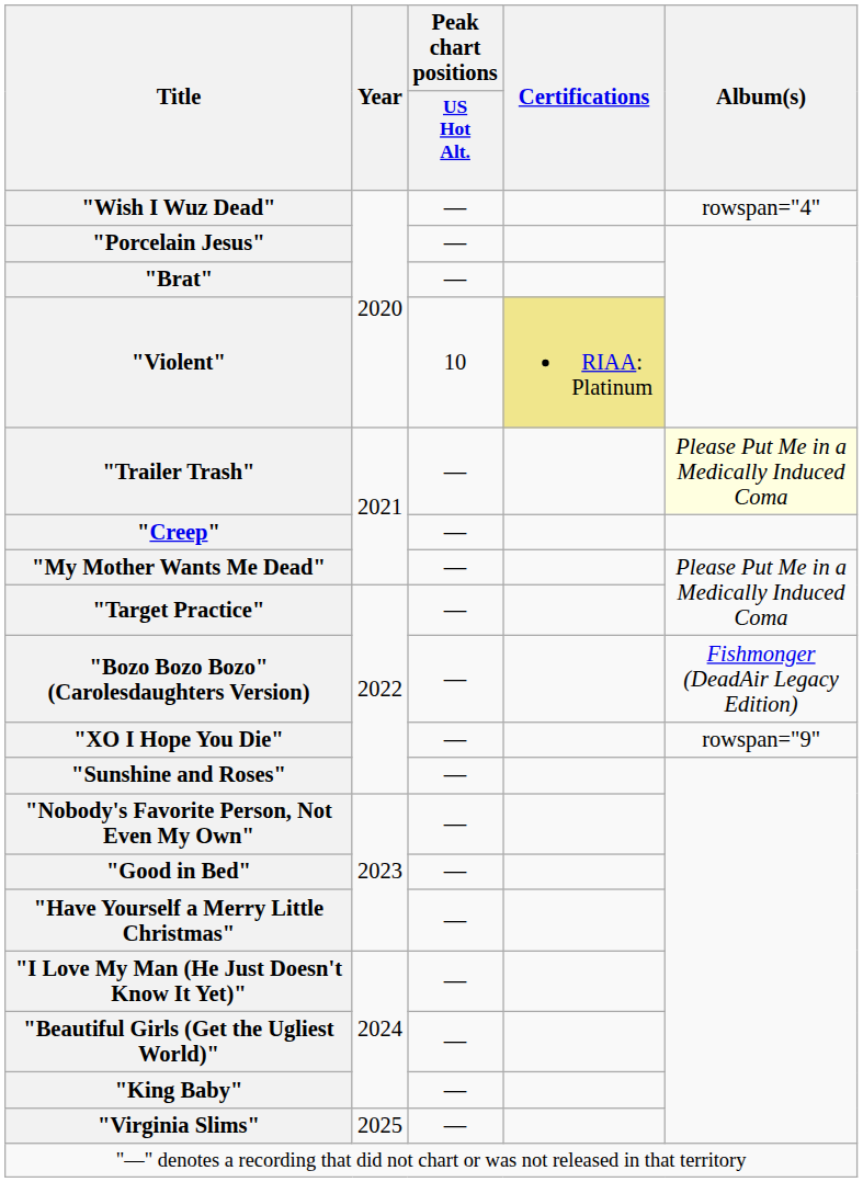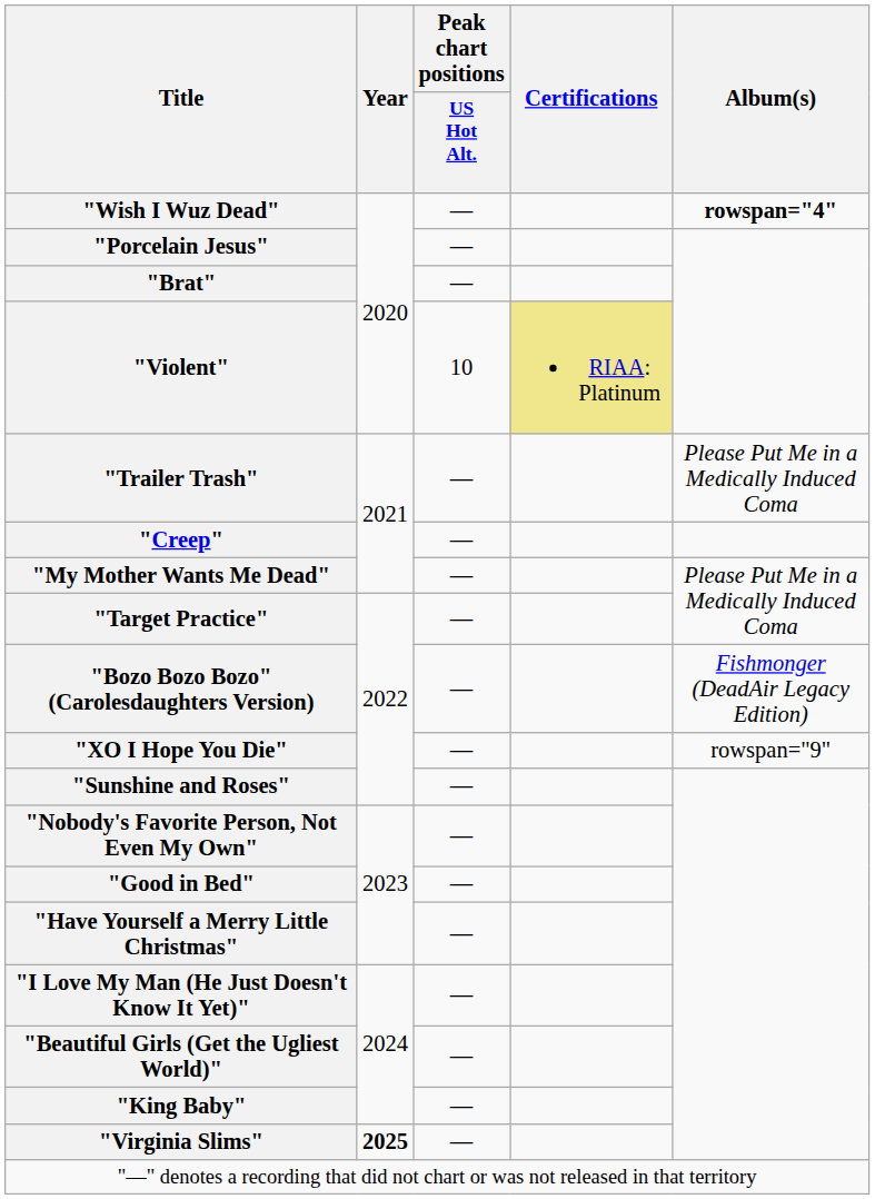 <table class="wikitable plainrowheaders" style="text-align:center;">
 <tr>
 <th rowspan="2" scope="col" style="width:15em;">Title</th>
 <th rowspan="2" scope="col">Year</th>
 <th>Peak chart<br>positions</th>
 <th rowspan="2"><a href='#'>Certifications</a></th>
 <th rowspan="2" scope="col">Album(s)</th>
 </tr>
 <tr>
 <th scope="col" style="width:3em;font-size:85%;"><a href='#'>US<br>Hot<br>Alt.</a><br><br></th>
 </tr>
 <tr>
 <th scope="row">"Wish I Wuz Dead"</th>
 <td rowspan="4">2020</td>
 <td>—</td>
 <td></td>
-<td>rowspan="4" </td>
+<td><strong>rowspan="4" </strong></td>
 </tr>
 <tr>
 <th scope="row">"Porcelain Jesus"</th>
 <td>—</td>
 <td></td>
 </tr>
 <tr>
 <th scope="row">"Brat"</th>
 <td>—</td>
 <td></td>
 </tr>
 <tr>
 <th scope="row">"Violent"</th>
 <td>10</td>
 <td style="background: khaki;"><br><ul><li><a href='#'>RIAA</a>: Platinum</li></ul></td>
 </tr>
 <tr>
 <th scope="row">"Trailer Trash"</th>
 <td rowspan="3">2021</td>
 <td>—</td>
 <td></td>
-<td style="background: lightyellow;"><em>Please Put Me in a Medically Induced Coma</em></td>
+<td><em>Please Put Me in a Medically Induced Coma</em></td>
 </tr>
 <tr>
 <th scope="row">"<a href='#'>Creep</a>"</th>
 <td>—</td>
 <td></td>
 <td></td>
 </tr>
 <tr>
 <th scope="row">"My Mother Wants Me Dead"</th>
 <td>—</td>
 <td></td>
 <td rowspan="2"><em>Please Put Me in a Medically Induced Coma</em></td>
 </tr>
 <tr>
 <th scope="row">"Target Practice"</th>
 <td rowspan="4">2022</td>
 <td>—</td>
 <td></td>
 </tr>
 <tr>
 <th scope="row">"Bozo Bozo Bozo" (Carolesdaughters Version)</th>
 <td>—</td>
 <td></td>
 <td><em><a href='#'>Fishmonger</a> (DeadAir Legacy Edition)</em></td>
 </tr>
 <tr>
 <th scope="row">"XO I Hope You Die"</th>
 <td>—</td>
 <td></td>
 <td>rowspan="9" </td>
 </tr>
 <tr>
 <th scope="row">"Sunshine and Roses"</th>
 <td>—</td>
 <td></td>
 </tr>
 <tr>
 <th scope="row">"Nobody's Favorite Person, Not Even My Own"</th>
 <td rowspan="3">2023</td>
 <td>—</td>
 <td></td>
 </tr>
 <tr>
 <th scope="row">"Good in Bed"</th>
 <td>—</td>
 <td></td>
 </tr>
 <tr>
 <th scope="row">"Have Yourself a Merry Little Christmas"</th>
 <td>—</td>
 <td></td>
 </tr>
 <tr>
 <th scope="row">"I Love My Man (He Just Doesn't Know It Yet)"</th>
 <td rowspan="3">2024</td>
 <td>—</td>
 <td></td>
 </tr>
 <tr>
 <th scope="row">"Beautiful Girls (Get the Ugliest World)"</th>
 <td>—</td>
 <td></td>
 </tr>
 <tr>
 <th scope="row">"King Baby"</th>
 <td>—</td>
 <td></td>
 </tr>
 <tr>
 <th scope="row">"Virginia Slims"</th>
-<td>2025</td>
+<td><strong>2025</strong></td>
 <td>—</td>
 <td></td>
 </tr>
 <tr>
 <td colspan="5" style="font-size:90%">"—" denotes a recording that did not chart or was not released in that territory</td>
 </tr>
 </table>
